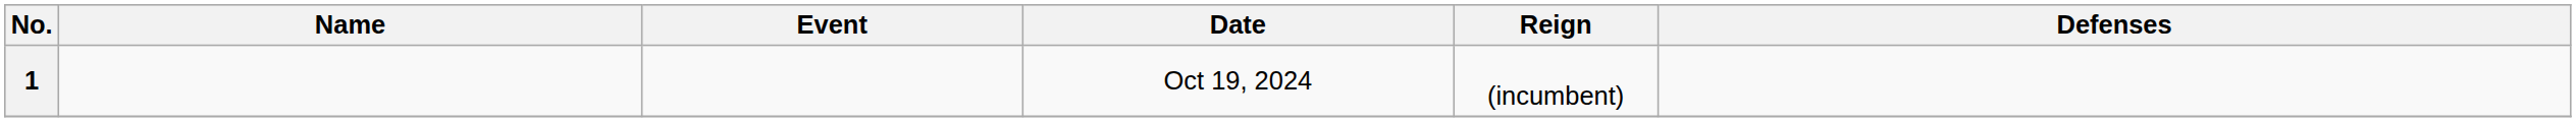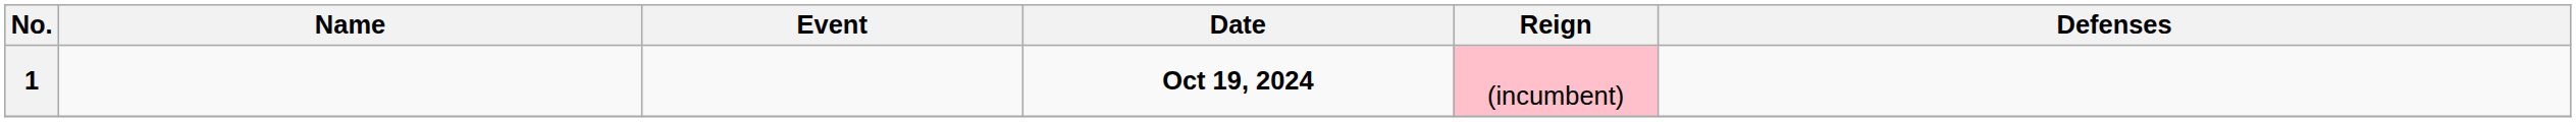 <table class="wikitable" width=100% style="text-align: center;">
 <tr>
 <th width=1%>No.</th>
 <th width=23%>Name</th>
 <th width=15%>Event</th>
 <th width=17%>Date</th>
 <th width=8%>Reign</th>
 <th width=36%>Defenses</th>
 </tr>
 <tr>
 <th>1</th>
 <td align=left><br></td>
 <td><br></td>
-<td>Oct 19, 2024</td>
-<td align=center><br>(incumbent)<br></td>
+<td><strong>Oct 19, 2024</strong></td>
+<td align=center style="background: pink;"><br>(incumbent)<br></td>
 <td align=left></td>
 </tr>
 <tr>
 </tr>
 </table>
